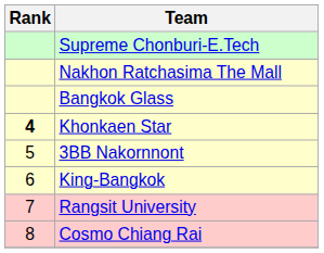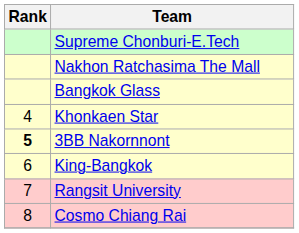 <table class="wikitable" style="text-align: center;">
 <tr>
 <th width=40>Rank</th>
 <th width=240>Team</th>
 </tr>
 <tr bgcolor=#ccffcc>
 <td></td>
 <td align=left><a href='#'>Supreme Chonburi-E.Tech</a></td>
 </tr>
 <tr bgcolor=#ffffcc>
 <td></td>
 <td align=left><a href='#'>Nakhon Ratchasima The Mall</a></td>
 </tr>
 <tr bgcolor=#ffffcc>
 <td></td>
 <td align=left><a href='#'>Bangkok Glass</a></td>
 </tr>
 <tr bgcolor=#ffffcc>
-<td><strong>4</strong></td>
+<td>4</td>
 <td align=left><a href='#'>Khonkaen Star</a></td>
 </tr>
 <tr bgcolor=#ffffcc>
-<td>5</td>
+<td><strong>5</strong></td>
 <td align=left><a href='#'>3BB Nakornnont</a></td>
 </tr>
 <tr bgcolor=#ffffcc>
 <td>6</td>
 <td align=left><a href='#'>King-Bangkok</a></td>
 </tr>
 <tr bgcolor=#ffcccc>
 <td>7</td>
 <td align=left><a href='#'>Rangsit University</a></td>
 </tr>
 <tr bgcolor=#ffcccc>
 <td>8</td>
 <td align=left><a href='#'>Cosmo Chiang Rai</a></td>
 </tr>
 <tr>
 </tr>
 </table>
